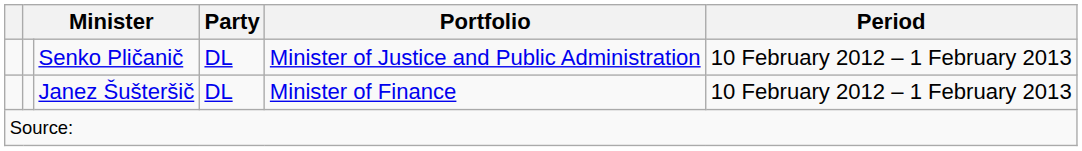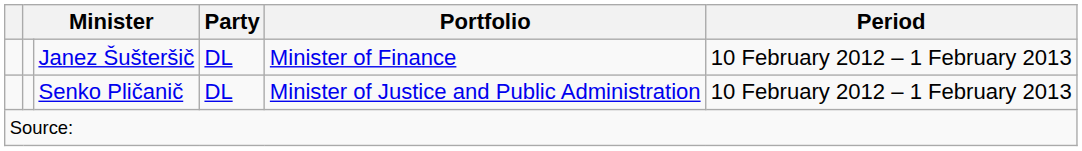 <table class="wikitable">
 <tr>
 <th colspan="1" width=6px></th>
 <th colspan="2">Minister</th>
 <th>Party</th>
 <th>Portfolio</th>
 <th>Period</th>
 </tr>
 <tr>
 <td style="background-color: "></td>
 <td></td>
+<td><a href='#'>Janez Šušteršič</a></td>
+<td><a href='#'>DL</a></td>
+<td><a href='#'>Minister of Finance</a></td>
+<td>10 February 2012 – 1 February 2013</td>
+</tr>
+<tr>
+<td style="background-color: "></td>
+<td></td>
 <td><a href='#'>Senko Pličanič</a></td>
 <td><a href='#'>DL</a></td>
 <td><a href='#'>Minister of Justice and Public Administration</a></td>
 <td>10 February 2012 – 1 February 2013</td>
 </tr>
 <tr>
-<td style="background-color: "></td>
-<td></td>
-<td><a href='#'>Janez Šušteršič</a></td>
-<td><a href='#'>DL</a></td>
-<td><a href='#'>Minister of Finance</a></td>
-<td>10 February 2012 – 1 February 2013</td>
-</tr>
-<tr>
 <td colspan=6><small>Source: </small></td>
 </tr>
 </table>
